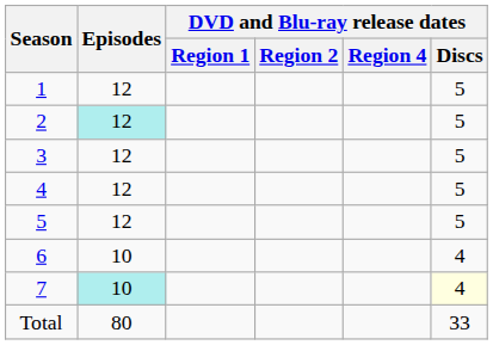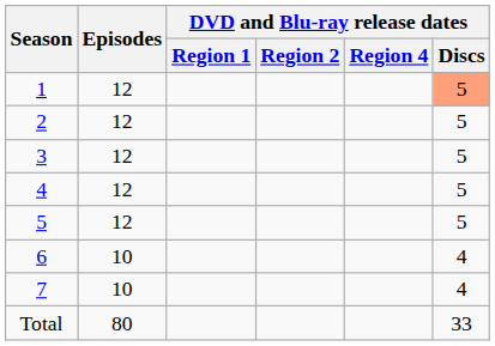 <table class="wikitable plainrowheaders" style="text-align: center;">
 <tr>
 <th scope="col" rowspan="2">Season</th>
 <th scope="col" rowspan="2">Episodes</th>
 <th scope="col" colspan="4"><a href='#'>DVD</a> and <a href='#'>Blu-ray</a> release dates</th>
 </tr>
 <tr>
 <th scope="col"><a href='#'>Region 1</a></th>
 <th scope="col"><a href='#'>Region 2</a></th>
 <th scope="col"><a href='#'>Region 4</a></th>
 <th scope="col">Discs</th>
 </tr>
 <tr>
 <td scope="row"><a href='#'>1</a></td>
 <td>12</td>
 <td></td>
 <td></td>
 <td></td>
-<td>5</td>
+<td style="background: lightsalmon;">5</td>
 </tr>
 <tr>
 <td scope="row"><a href='#'>2</a></td>
-<td style="background: paleturquoise;">12</td>
+<td>12</td>
 <td></td>
 <td></td>
 <td></td>
 <td>5</td>
 </tr>
 <tr>
 <td scope="row"><a href='#'>3</a></td>
 <td>12</td>
 <td></td>
 <td></td>
 <td></td>
 <td>5</td>
 </tr>
 <tr>
 <td scope="row"><a href='#'>4</a></td>
 <td>12</td>
 <td></td>
 <td></td>
 <td></td>
 <td>5</td>
 </tr>
 <tr>
 <td scope="row"><a href='#'>5</a></td>
 <td>12</td>
 <td></td>
 <td></td>
 <td></td>
 <td>5</td>
 </tr>
 <tr>
 <td scope="row"><a href='#'>6</a></td>
 <td>10</td>
 <td></td>
 <td></td>
 <td></td>
 <td>4</td>
 </tr>
 <tr>
 <td scope="row"><a href='#'>7</a></td>
-<td style="background: paleturquoise;">10</td>
+<td>10</td>
 <td></td>
 <td></td>
 <td></td>
-<td style="background: lightyellow;">4</td>
+<td>4</td>
 </tr>
 <tr>
 <td scope="row">Total</td>
 <td>80</td>
 <td></td>
 <td></td>
 <td></td>
 <td>33</td>
 </tr>
 </table>
